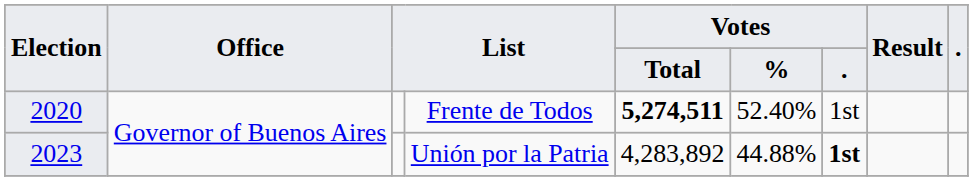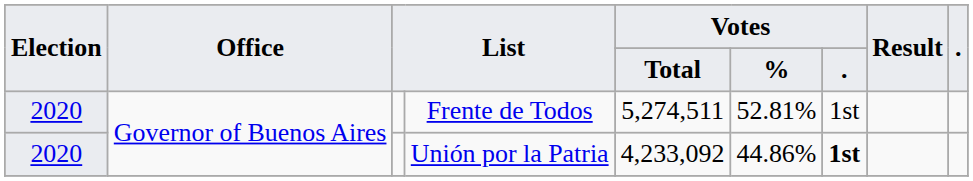 <table class="wikitable" style="font-size:90%; text-align:center;">
 <tr>
 <th style="background-color:#EAECF0;" rowspan=2>Election</th>
 <th style="background-color:#EAECF0;" rowspan=2>Office</th>
 <th style="background-color:#EAECF0;" colspan=2 rowspan=2>List</th>
 <th style="background-color:#EAECF0;" colspan=3>Votes</th>
 <th style="background-color:#EAECF0;" rowspan=2>Result</th>
 <th style="background-color:#EAECF0;" rowspan=2>.</th>
 </tr>
 <tr>
 <th style="background-color:#EAECF0;">Total</th>
 <th style="background-color:#EAECF0;">%</th>
 <th style="background-color:#EAECF0;">.</th>
 </tr>
 <tr>
 <td style="background-color:#EAECF0;"><a href='#'>2020</a></td>
 <td rowspan="2"><a href='#'>Governor of Buenos Aires</a></td>
 <td style="background-color:"></td>
 <td><a href='#'>Frente de Todos</a></td>
-<td><strong>5,274,511</strong></td>
-<td>52.40%</td>
+<td>5,274,511</td>
+<td>52.81%</td>
 <td>1st</td>
 <td></td>
 <td></td>
 </tr>
 <tr>
-<td style="background-color:#EAECF0;"><a href='#'>2023</a></td>
+<td style="background-color:#EAECF0;"><a href='#'>2020</a></td>
 <td style="background-color:"></td>
 <td><a href='#'>Unión por la Patria</a></td>
-<td>4,283,892</td>
-<td>44.88%</td>
+<td>4,233,092</td>
+<td>44.86%</td>
 <td><strong>1st</strong></td>
 <td></td>
 <td></td>
 </tr>
 </table>
